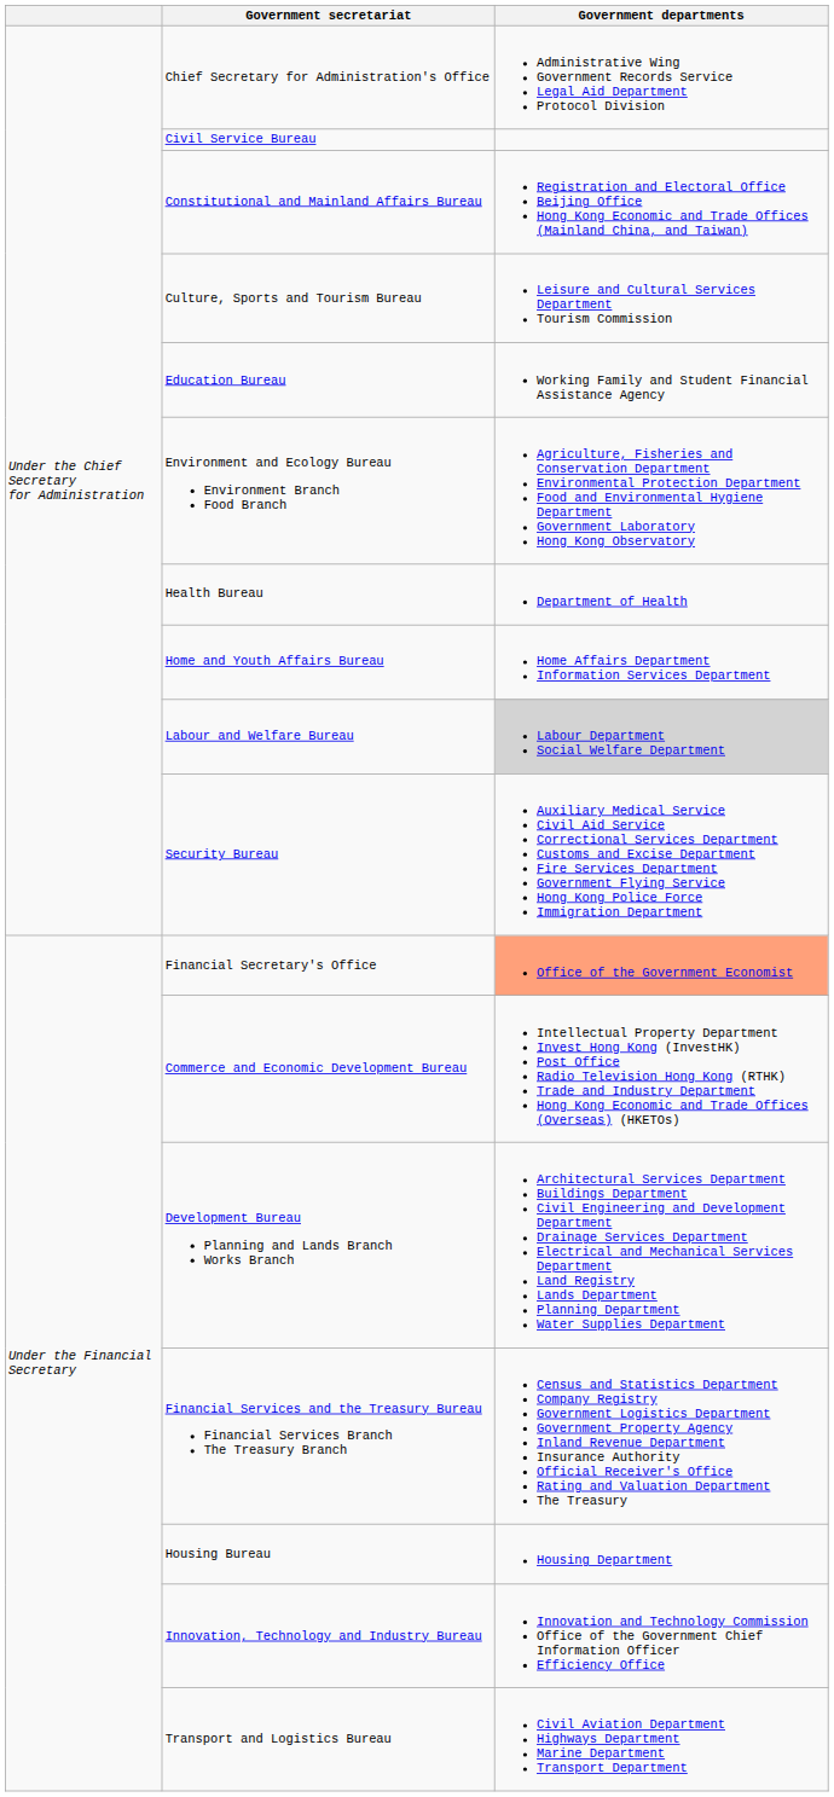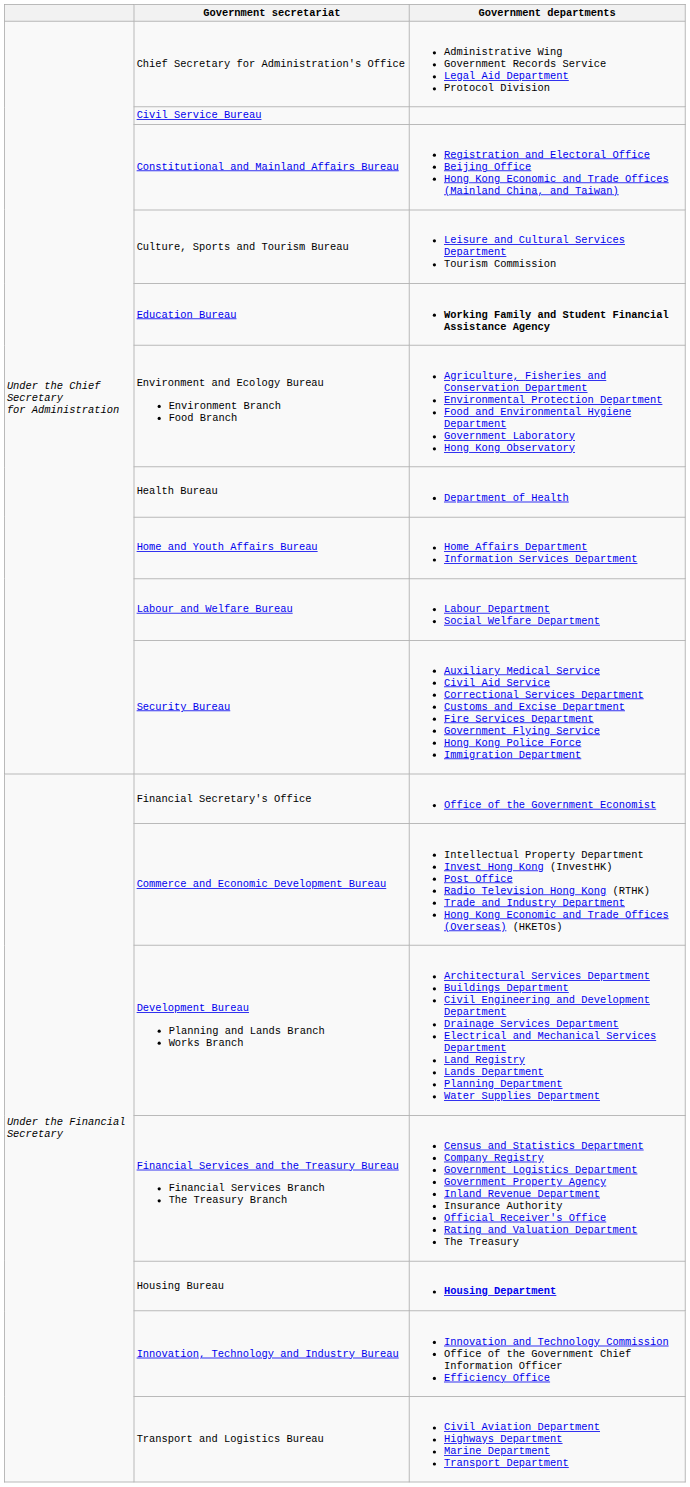 <table class="wikitable mw-collapsible mw-collapsed">
 <tr>
 <th style=width:12em></th>
 <th style=width:26em>Government secretariat</th>
 <th style=width:26em>Government departments</th>
 </tr>
 <tr>
 <td rowspan="10"><em>Under the Chief Secretary<br> for Administration</em></td>
 <td>Chief Secretary for Administration's Office</td>
 <td><br><ul><li>Administrative Wing</li><li>Government Records Service</li><li><a href='#'>Legal Aid Department</a></li><li>Protocol Division</li></ul></td>
 </tr>
 <tr>
 <td><a href='#'>Civil Service Bureau</a></td>
 </tr>
 <tr>
 <td><a href='#'>Constitutional and Mainland Affairs Bureau</a></td>
 <td><br><ul><li><a href='#'>Registration and Electoral Office</a></li><li><a href='#'>Beijing Office</a></li><li><a href='#'>Hong Kong Economic and Trade Offices (Mainland China, and Taiwan)</a></li></ul></td>
 </tr>
 <tr>
 <td>Culture, Sports and Tourism Bureau</td>
 <td><br><ul><li><a href='#'>Leisure and Cultural Services Department</a></li><li>Tourism Commission</li></ul></td>
 </tr>
 <tr>
 <td><a href='#'>Education Bureau</a></td>
-<td><br><ul><li>Working Family and Student Financial Assistance Agency</li></ul></td>
+<td><strong><br><ul><li>Working Family and Student Financial Assistance Agency</li></ul></strong></td>
 </tr>
 <tr>
 <td>Environment and Ecology Bureau<br><ul><li>Environment Branch</li><li>Food Branch</li></ul></td>
 <td><br><ul><li><a href='#'>Agriculture, Fisheries and Conservation Department</a></li><li><a href='#'>Environmental Protection Department</a></li><li><a href='#'>Food and Environmental Hygiene Department</a></li><li><a href='#'>Government Laboratory</a></li><li><a href='#'>Hong Kong Observatory</a></li></ul></td>
 </tr>
 <tr>
 <td>Health Bureau</td>
 <td><br><ul><li><a href='#'>Department of Health</a></li></ul></td>
 </tr>
 <tr>
 <td><a href='#'>Home and Youth Affairs Bureau</a></td>
 <td><br><ul><li><a href='#'>Home Affairs Department</a></li><li><a href='#'>Information Services Department</a></li></ul></td>
 </tr>
 <tr>
 <td><a href='#'>Labour and Welfare Bureau</a></td>
-<td style="background: lightgrey;"><br><ul><li><a href='#'>Labour Department</a></li><li><a href='#'>Social Welfare Department</a></li></ul></td>
+<td><br><ul><li><a href='#'>Labour Department</a></li><li><a href='#'>Social Welfare Department</a></li></ul></td>
 </tr>
 <tr>
 <td><a href='#'>Security Bureau</a></td>
 <td><br><ul><li><a href='#'>Auxiliary Medical Service</a></li><li><a href='#'>Civil Aid Service</a></li><li><a href='#'>Correctional Services Department</a></li><li><a href='#'>Customs and Excise Department</a></li><li><a href='#'>Fire Services Department</a></li><li><a href='#'>Government Flying Service</a></li><li><a href='#'>Hong Kong Police Force</a></li><li><a href='#'>Immigration Department</a></li></ul></td>
 </tr>
 <tr>
 <td rowspan="7"><em>Under the Financial<br> Secretary</em></td>
 <td>Financial Secretary's Office</td>
-<td style="background: lightsalmon;"><br><ul><li><a href='#'>Office of the Government Economist</a></li></ul></td>
+<td><br><ul><li><a href='#'>Office of the Government Economist</a></li></ul></td>
 </tr>
 <tr>
 <td><a href='#'>Commerce and Economic Development Bureau</a></td>
 <td><br><ul><li>Intellectual Property Department</li><li><a href='#'>Invest Hong Kong</a> (InvestHK)</li><li><a href='#'>Post Office</a></li><li><a href='#'>Radio Television Hong Kong</a> (RTHK)</li><li><a href='#'>Trade and Industry Department</a></li><li><a href='#'>Hong Kong Economic and Trade Offices (Overseas)</a> (HKETOs)</li></ul></td>
 </tr>
 <tr>
 <td><a href='#'>Development Bureau</a><br><ul><li>Planning and Lands Branch</li><li>Works Branch</li></ul></td>
 <td><br><ul><li><a href='#'>Architectural Services Department</a></li><li><a href='#'>Buildings Department</a></li><li><a href='#'>Civil Engineering and Development Department</a></li><li><a href='#'>Drainage Services Department</a></li><li><a href='#'>Electrical and Mechanical Services Department</a></li><li><a href='#'>Land Registry</a></li><li><a href='#'>Lands Department</a></li><li><a href='#'>Planning Department</a></li><li><a href='#'>Water Supplies Department</a></li></ul></td>
 </tr>
 <tr>
 <td><a href='#'>Financial Services and the Treasury Bureau</a><br><ul><li>Financial Services Branch</li><li>The Treasury Branch</li></ul></td>
 <td><br><ul><li><a href='#'>Census and Statistics Department</a></li><li><a href='#'>Company Registry</a></li><li><a href='#'>Government Logistics Department</a></li><li><a href='#'>Government Property Agency</a></li><li><a href='#'>Inland Revenue Department</a></li><li>Insurance Authority</li><li><a href='#'>Official Receiver's Office</a></li><li><a href='#'>Rating and Valuation Department</a></li><li>The Treasury</li></ul></td>
 </tr>
 <tr>
 <td>Housing Bureau</td>
-<td><br><ul><li><a href='#'>Housing Department</a></li></ul></td>
+<td><strong><br><ul><li><a href='#'>Housing Department</a></li></ul></strong></td>
 </tr>
 <tr>
 <td><a href='#'>Innovation, Technology and Industry Bureau</a></td>
 <td><br><ul><li><a href='#'>Innovation and Technology Commission</a></li><li>Office of the Government Chief Information Officer</li><li><a href='#'>Efficiency Office</a></li></ul></td>
 </tr>
 <tr>
 <td>Transport and Logistics Bureau</td>
 <td><br><ul><li><a href='#'>Civil Aviation Department</a></li><li><a href='#'>Highways Department</a></li><li><a href='#'>Marine Department</a></li><li><a href='#'>Transport Department</a></li></ul></td>
 </tr>
 </table>
